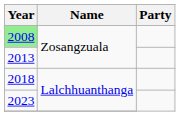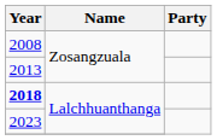 <table class="wikitable sortable">
 <tr>
 <th>Year</th>
 <th>Name</th>
 <th colspan=2>Party</th>
 </tr>
 <tr>
-<td style="background: lightgreen;"><a href='#'>2008</a></td>
+<td><a href='#'>2008</a></td>
 <td rowspan=2>Zosangzuala</td>
 <td></td>
 </tr>
 <tr>
 <td><a href='#'>2013</a></td>
 </tr>
 <tr>
-<td><a href='#'>2018</a></td>
+<td><strong><a href='#'>2018</a></strong></td>
 <td rowspan=2><a href='#'>Lalchhuanthanga</a></td>
 <td></td>
 </tr>
 <tr>
 <td><a href='#'>2023</a></td>
 </tr>
 <tr>
 </tr>
 </table>
